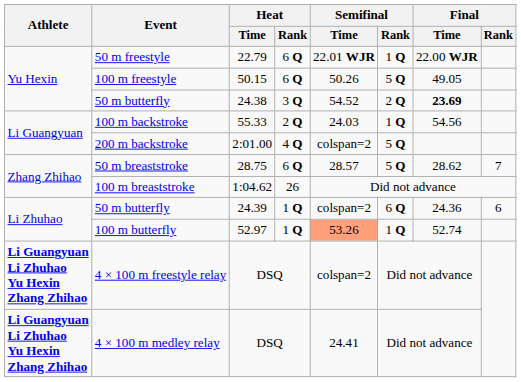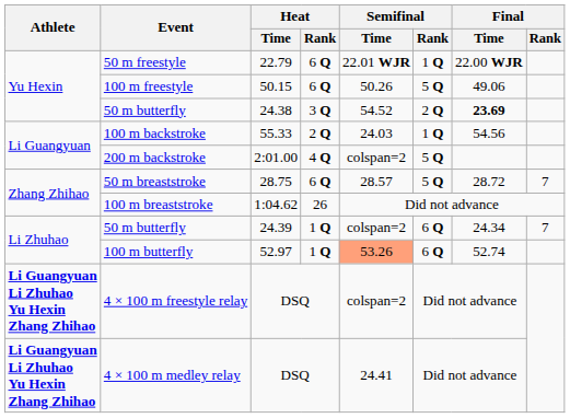 <table class=wikitable style="font-size:90%">
 <tr>
 <th rowspan=2>Athlete</th>
 <th rowspan=2>Event</th>
 <th colspan="2">Heat</th>
 <th colspan="2">Semifinal</th>
 <th colspan="2">Final</th>
 </tr>
 <tr style="font-size:95%">
 <th>Time</th>
 <th>Rank</th>
 <th>Time</th>
 <th>Rank</th>
 <th>Time</th>
 <th>Rank</th>
 </tr>
 <tr align=center>
 <td align=left rowspan=3><a href='#'>Yu Hexin</a></td>
 <td align=left><a href='#'>50 m freestyle</a></td>
 <td>22.79</td>
 <td>6 <strong>Q</strong></td>
 <td>22.01 <strong>WJR</strong></td>
 <td>1 <strong>Q</strong></td>
 <td>22.00 <strong>WJR</strong></td>
 <td></td>
 </tr>
 <tr align=center>
 <td align=left><a href='#'>100 m freestyle</a></td>
 <td>50.15</td>
 <td>6 <strong>Q</strong></td>
 <td>50.26</td>
 <td>5 <strong>Q</strong></td>
-<td>49.05</td>
+<td>49.06</td>
 <td></td>
 </tr>
 <tr align=center>
 <td align=left><a href='#'>50 m butterfly</a></td>
 <td>24.38</td>
 <td>3 <strong>Q</strong></td>
 <td>54.52</td>
 <td>2 <strong>Q</strong></td>
 <td><strong>23.69</strong></td>
 <td></td>
 </tr>
 <tr align=center>
 <td align=left rowspan=2><a href='#'>Li Guangyuan</a></td>
 <td align=left><a href='#'>100 m backstroke</a></td>
 <td>55.33</td>
 <td>2 <strong>Q</strong></td>
 <td>24.03</td>
 <td>1 <strong>Q</strong></td>
 <td>54.56</td>
 <td></td>
 </tr>
 <tr align=center>
 <td align=left><a href='#'>200 m backstroke</a></td>
 <td>2:01.00</td>
 <td>4 <strong>Q</strong></td>
 <td>colspan=2 </td>
 <td>5 <strong>Q</strong></td>
 <td></td>
 </tr>
 <tr align=center>
 <td align=left rowspan=2><a href='#'>Zhang Zhihao</a></td>
 <td align=left><a href='#'>50 m breaststroke</a></td>
 <td>28.75</td>
 <td>6 <strong>Q</strong></td>
 <td>28.57</td>
 <td>5 <strong>Q</strong></td>
-<td>28.62</td>
+<td>28.72</td>
 <td>7</td>
 </tr>
 <tr align=center>
 <td align=left><a href='#'>100 m breaststroke</a></td>
 <td>1:04.62</td>
 <td>26</td>
 <td colspan=4>Did not advance</td>
 </tr>
 <tr align=center>
 <td align=left rowspan=2><a href='#'>Li Zhuhao</a></td>
 <td align=left><a href='#'>50 m butterfly</a></td>
 <td>24.39</td>
 <td>1 <strong>Q</strong></td>
 <td>colspan=2 </td>
 <td>6 <strong>Q</strong></td>
-<td>24.36</td>
-<td>6</td>
+<td>24.34</td>
+<td>7</td>
 </tr>
 <tr align=center>
 <td align=left><a href='#'>100 m butterfly</a></td>
 <td>52.97</td>
 <td>1 <strong>Q</strong></td>
 <td style="background: lightsalmon;">53.26</td>
-<td>1 <strong>Q</strong></td>
+<td>6 <strong>Q</strong></td>
 <td>52.74</td>
 <td></td>
 </tr>
 <tr align=center>
 <td align=left><strong><a href='#'>Li Guangyuan</a><br><a href='#'>Li Zhuhao</a><br><a href='#'>Yu Hexin</a><br><a href='#'>Zhang Zhihao</a></strong></td>
 <td align=left><a href='#'>4 × 100 m freestyle relay</a></td>
 <td colspan=2>DSQ</td>
 <td>colspan=2 </td>
 <td colspan=2>Did not advance</td>
 </tr>
 <tr align=center>
 <td align=left><strong><a href='#'>Li Guangyuan</a><br><a href='#'>Li Zhuhao</a><br><a href='#'>Yu Hexin</a><br><a href='#'>Zhang Zhihao</a></strong></td>
 <td align=left><a href='#'>4 × 100 m medley relay</a></td>
 <td colspan=2>DSQ</td>
 <td>24.41</td>
 <td colspan=2>Did not advance</td>
 </tr>
 </table>
